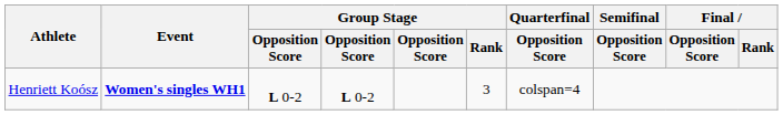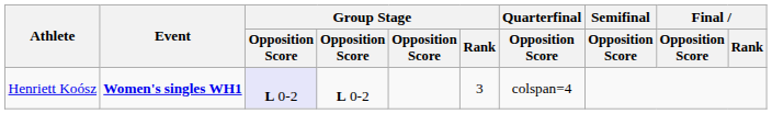 <table class="wikitable" style="font-size:90%; text-align:center">
 <tr>
 <th rowspan=2>Athlete</th>
 <th rowspan=2>Event</th>
 <th colspan=4>Group Stage</th>
 <th>Quarterfinal</th>
 <th>Semifinal</th>
 <th colspan=2>Final / </th>
 </tr>
 <tr style="font-size:95%">
 <th>Opposition<br>Score</th>
 <th>Opposition<br>Score</th>
 <th>Opposition<br>Score</th>
 <th>Rank</th>
 <th>Opposition<br>Score</th>
 <th>Opposition<br>Score</th>
 <th>Opposition<br>Score</th>
 <th>Rank</th>
 </tr>
 <tr>
 <td align=left><a href='#'>Henriett Koósz</a></td>
 <td align=left><strong><a href='#'>Women's singles WH1</a></strong></td>
-<td><br><strong>L</strong> 0-2</td>
+<td style="background: lavender;"><br><strong>L</strong> 0-2</td>
 <td><br><strong>L</strong> 0-2</td>
 <td></td>
 <td>3</td>
 <td>colspan=4 </td>
 </tr>
 </table>
